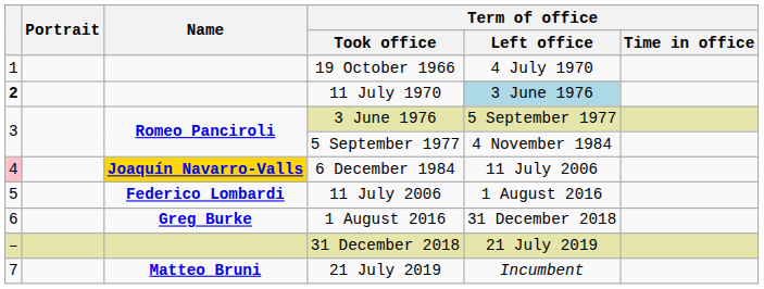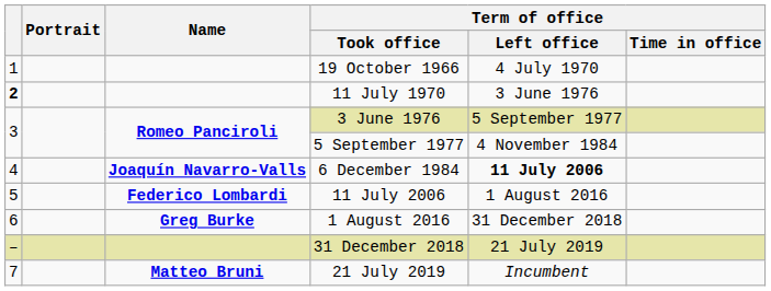 <table class="wikitable" style="text-align:center">
 <tr>
 <th rowspan=2></th>
 <th rowspan=2>Portrait</th>
 <th rowspan=2>Name<br></th>
 <th colspan=3>Term of office</th>
 </tr>
 <tr>
 <th>Took office</th>
 <th>Left office</th>
 <th>Time in office</th>
 </tr>
 <tr>
 <td>1</td>
 <td></td>
 <td><strong></strong><br></td>
 <td>19 October 1966</td>
 <td>4 July 1970</td>
 <td></td>
 </tr>
 <tr>
 <td><strong>2</strong></td>
 <td></td>
 <td><strong></strong><br></td>
 <td>11 July 1970</td>
-<td style="background: lightblue;">3 June 1976</td>
+<td>3 June 1976</td>
 <td></td>
 </tr>
 <tr>
 <td rowspan=2>3</td>
 <td rowspan=2></td>
 <td rowspan=2><strong><a href='#'>Romeo Panciroli</a></strong><br></td>
 <td style="background:#e6e6aa;">3 June 1976</td>
 <td style="background:#e6e6aa;">5 September 1977</td>
 <td style="background:#e6e6aa;"></td>
 </tr>
 <tr>
 <td>5 September 1977</td>
 <td>4 November 1984</td>
 <td></td>
 </tr>
 <tr>
-<td style="background: pink;">4</td>
+<td>4</td>
 <td></td>
-<td style="background: gold;"><strong><a href='#'>Joaquín Navarro-Valls</a></strong><br></td>
+<td><strong><a href='#'>Joaquín Navarro-Valls</a></strong><br></td>
 <td>6 December 1984</td>
-<td>11 July 2006</td>
+<td><strong>11 July 2006</strong></td>
 <td></td>
 </tr>
 <tr>
 <td>5</td>
 <td></td>
 <td><strong><a href='#'>Federico Lombardi</a></strong><br></td>
 <td>11 July 2006</td>
 <td>1 August 2016</td>
 <td></td>
 </tr>
 <tr>
 <td>6</td>
 <td></td>
 <td><strong><a href='#'>Greg Burke</a></strong><br></td>
 <td>1 August 2016</td>
 <td>31 December 2018</td>
 <td></td>
 </tr>
 <tr style="background:#e6e6aa;">
 <td>–</td>
 <td></td>
 <td><strong></strong><br></td>
 <td>31 December 2018</td>
 <td>21 July 2019</td>
 <td></td>
 </tr>
 <tr>
 <td>7</td>
 <td></td>
 <td><strong><a href='#'>Matteo Bruni</a></strong><br></td>
 <td>21 July 2019</td>
 <td><em>Incumbent</em></td>
 <td></td>
 </tr>
 </table>
